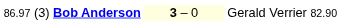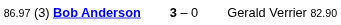 <table style="text-align:center">
 <tr>
 <th width=223></th>
 <th width=100></th>
 <th width=223></th>
 </tr>
 <tr>
 <td align=right><small>86.97</small> (3) <strong><a href='#'>Bob Anderson</a></strong> </td>
-<td style="background: lightyellow;"><strong>3</strong> – 0</td>
+<td><strong>3</strong> – 0</td>
 <td align=left> Gerald Verrier <small>82.90</small></td>
 </tr>
 </table>
